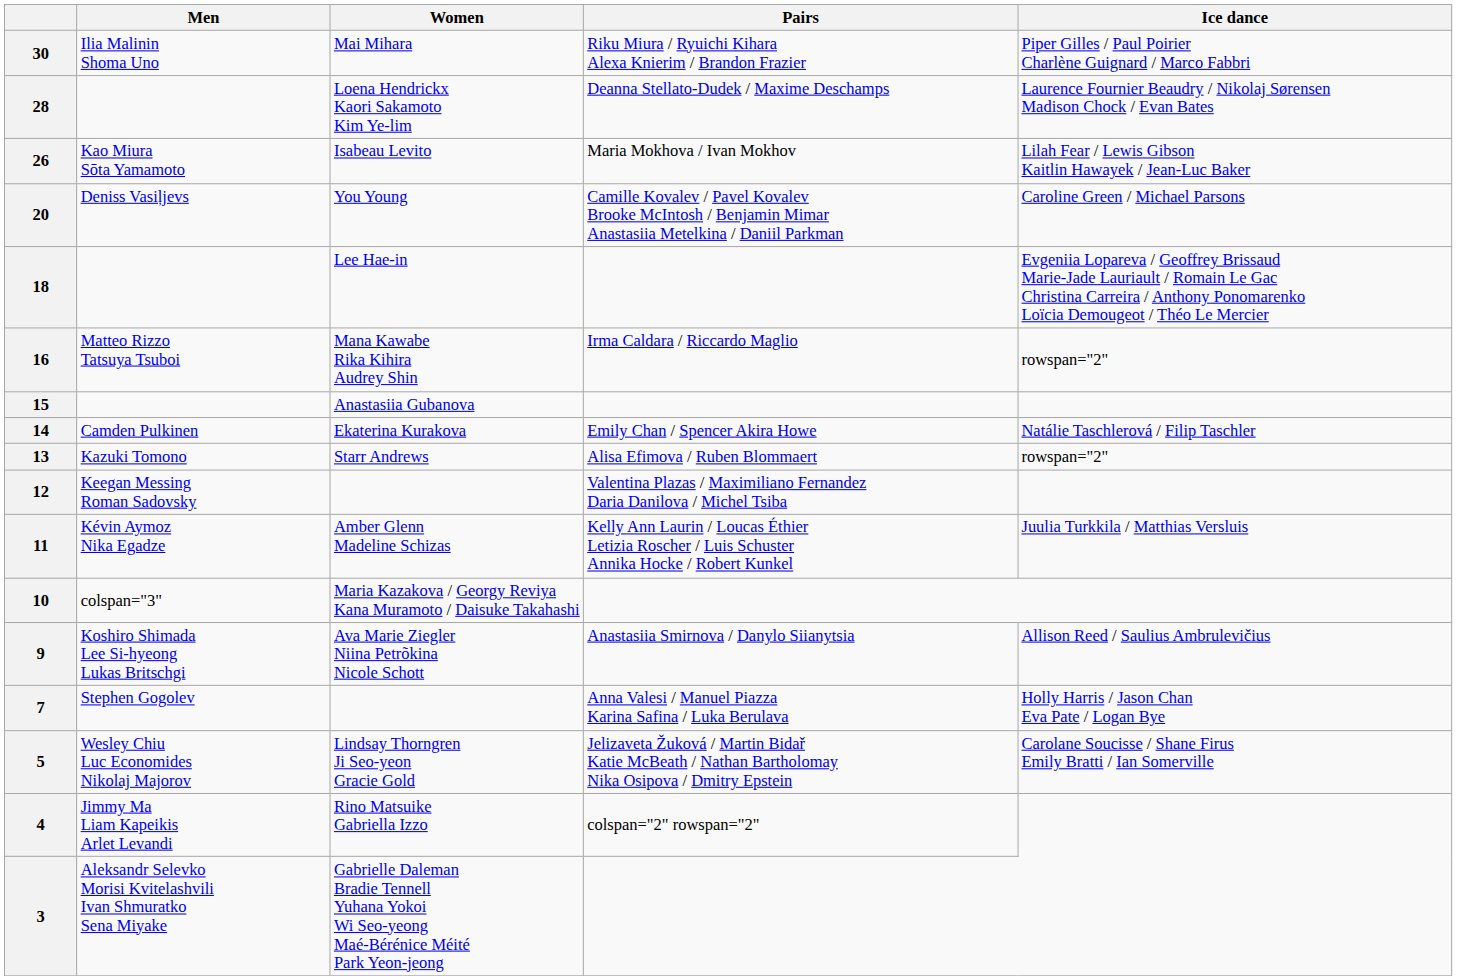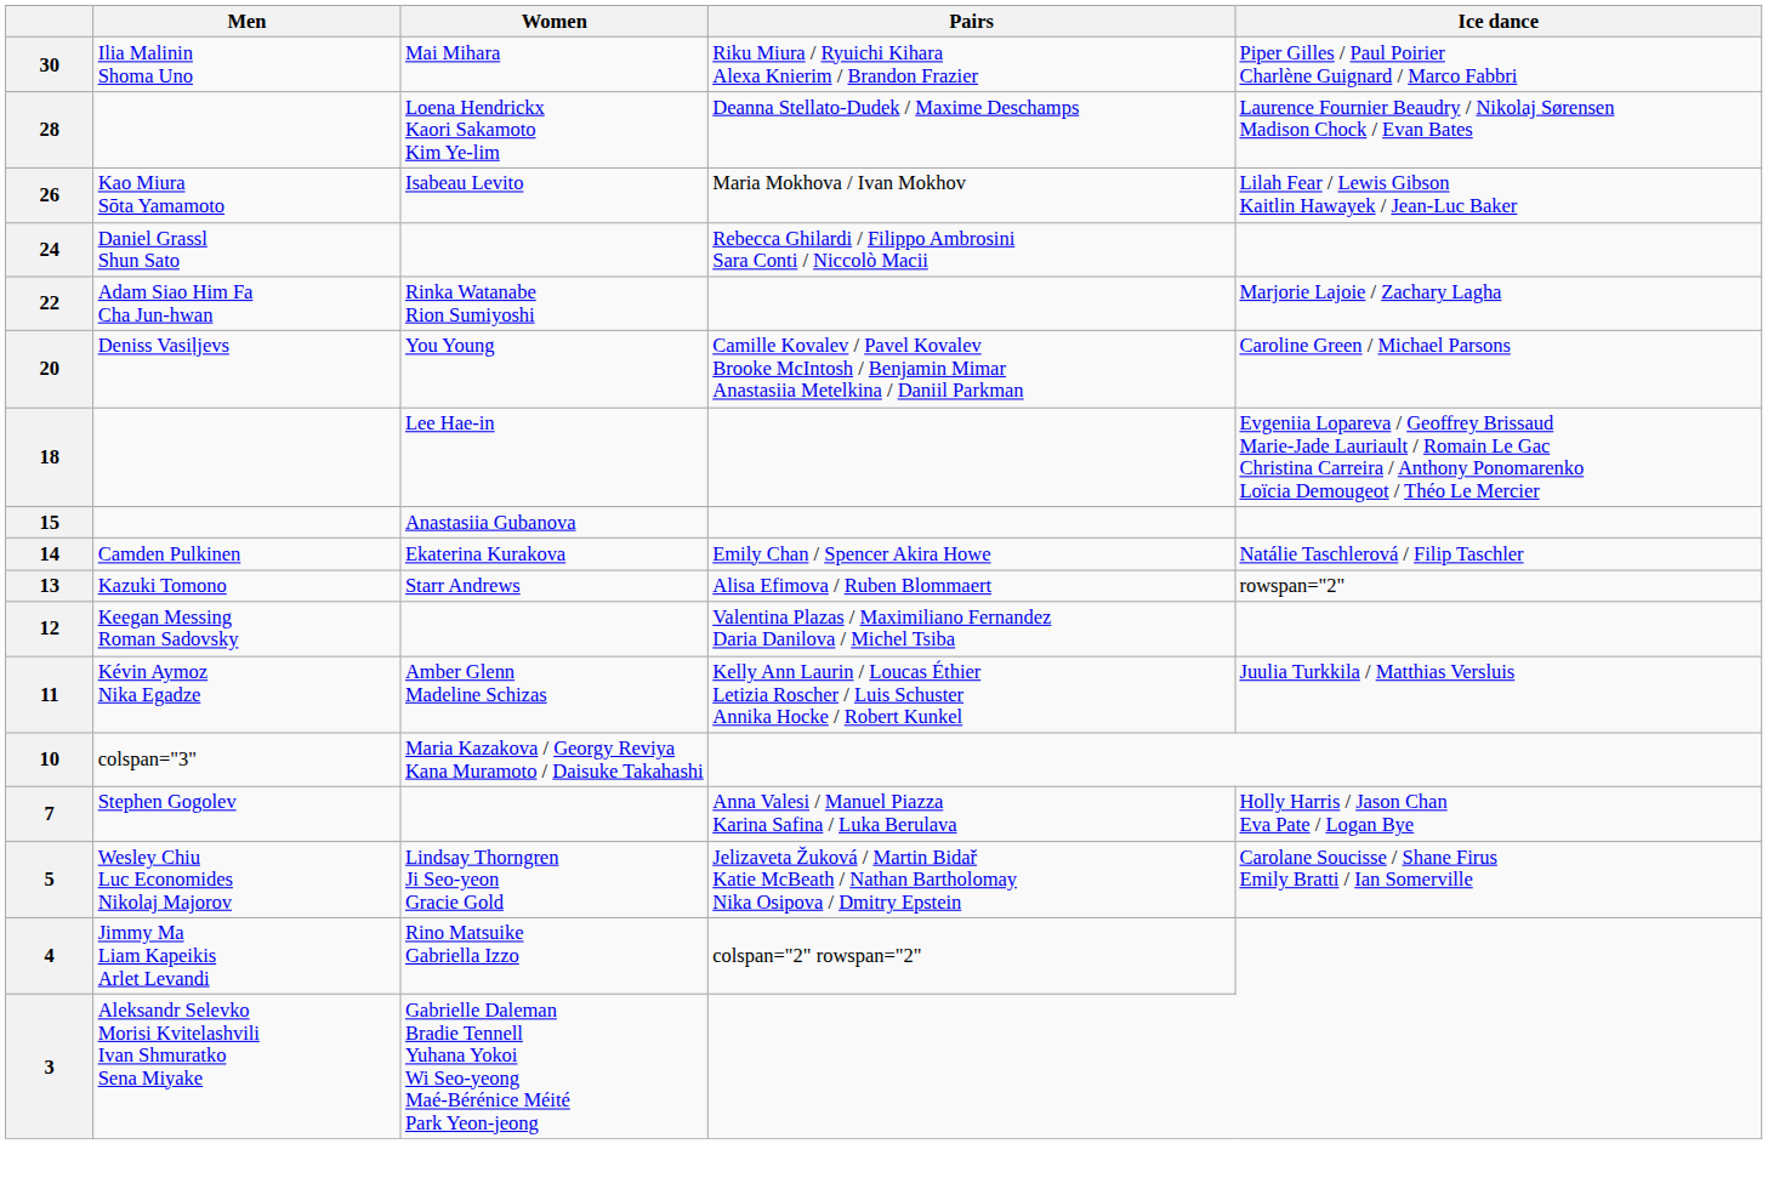 <table class="wikitable">
 <tr>
 <th scope="col" style="width:5%"></th>
 <th scope="col" style="width:17.5%">Men</th>
 <th scope="col" style="width:17.5%">Women</th>
 <th scope="col" style="width:30%">Pairs</th>
 <th scope="col" style="width:30%">Ice dance</th>
 </tr>
 <tr>
 <th scope="row">30</th>
 <td valign="top"> <a href='#'>Ilia Malinin</a><br> <a href='#'>Shoma Uno</a></td>
 <td valign="top"> <a href='#'>Mai Mihara</a></td>
 <td valign="top"> <a href='#'>Riku Miura</a> / <a href='#'>Ryuichi Kihara</a><br> <a href='#'>Alexa Knierim</a> / <a href='#'>Brandon Frazier</a></td>
 <td valign="top"> <a href='#'>Piper Gilles</a> / <a href='#'>Paul Poirier</a><br> <a href='#'>Charlène Guignard</a> / <a href='#'>Marco Fabbri</a></td>
 </tr>
 <tr>
 <th scope="row">28</th>
 <td></td>
 <td valign="top"> <a href='#'>Loena Hendrickx</a><br><a href='#'>Kaori Sakamoto</a><br> <a href='#'>Kim Ye-lim</a></td>
 <td valign="top"> <a href='#'>Deanna Stellato-Dudek</a> / <a href='#'>Maxime Deschamps</a></td>
 <td valign="top"> <a href='#'>Laurence Fournier Beaudry</a> / <a href='#'>Nikolaj Sørensen</a><br> <a href='#'>Madison Chock</a> / <a href='#'>Evan Bates</a></td>
 </tr>
 <tr>
 <th scope="row">26</th>
 <td valign="top"> <a href='#'>Kao Miura</a><br> <a href='#'>Sōta Yamamoto</a></td>
 <td valign="top"> <a href='#'>Isabeau Levito</a></td>
 <td valign="top"> Maria Mokhova / Ivan Mokhov</td>
 <td valign="top"> <a href='#'>Lilah Fear</a> / <a href='#'>Lewis Gibson</a><br> <a href='#'>Kaitlin Hawayek</a> / <a href='#'>Jean-Luc Baker</a></td>
 </tr>
 <tr>
+<th scope="row">24</th>
+<td valign="top"> <a href='#'>Daniel Grassl</a><br> <a href='#'>Shun Sato</a></td>
+<td></td>
+<td valign="top"> <a href='#'>Rebecca Ghilardi</a> / <a href='#'>Filippo Ambrosini</a><br> <a href='#'>Sara Conti</a> / <a href='#'>Niccolò Macii</a></td>
+<td></td>
+</tr>
+<tr>
+<th scope="row">22</th>
+<td valign="top"> <a href='#'>Adam Siao Him Fa</a><br> <a href='#'>Cha Jun-hwan</a></td>
+<td valign="top"> <a href='#'>Rinka Watanabe</a><br> <a href='#'>Rion Sumiyoshi</a></td>
+<td></td>
+<td valign="top"> <a href='#'>Marjorie Lajoie</a> / <a href='#'>Zachary Lagha</a></td>
+</tr>
+<tr>
 <th scope="row">20</th>
 <td valign="top"> <a href='#'>Deniss Vasiļjevs</a></td>
 <td valign="top"> <a href='#'>You Young</a></td>
 <td valign="top"> <a href='#'>Camille Kovalev</a> / <a href='#'>Pavel Kovalev</a><br> <a href='#'>Brooke McIntosh</a> / <a href='#'>Benjamin Mimar</a><br> <a href='#'>Anastasiia Metelkina</a> / <a href='#'>Daniil Parkman</a></td>
 <td valign="top"> <a href='#'>Caroline Green</a> / <a href='#'>Michael Parsons</a></td>
 </tr>
 <tr>
 <th scope="row">18</th>
 <td></td>
 <td valign="top"> <a href='#'>Lee Hae-in</a></td>
 <td></td>
 <td valign="top"> <a href='#'>Evgeniia Lopareva</a> / <a href='#'>Geoffrey Brissaud</a><br> <a href='#'>Marie-Jade Lauriault</a> / <a href='#'>Romain Le Gac</a><br> <a href='#'>Christina Carreira</a> / <a href='#'>Anthony Ponomarenko</a><br> <a href='#'>Loïcia Demougeot</a> / <a href='#'>Théo Le Mercier</a></td>
-</tr>
-<tr>
-<th scope="row">16</th>
-<td valign="top"> <a href='#'>Matteo Rizzo</a><br> <a href='#'>Tatsuya Tsuboi</a></td>
-<td valign="top"> <a href='#'>Mana Kawabe</a><br> <a href='#'>Rika Kihira</a> <br>  <a href='#'>Audrey Shin</a></td>
-<td valign="top"> <a href='#'>Irma Caldara</a> / <a href='#'>Riccardo Maglio</a></td>
-<td>rowspan="2" </td>
 </tr>
 <tr>
 <th scope="row">15</th>
 <td></td>
 <td valign="top"> <a href='#'>Anastasiia Gubanova</a></td>
 <td></td>
 </tr>
 <tr>
 <th scope="row">14</th>
 <td valign="top"> <a href='#'>Camden Pulkinen</a></td>
 <td valign="top"> <a href='#'>Ekaterina Kurakova</a></td>
 <td valign="top"> <a href='#'>Emily Chan</a> / <a href='#'>Spencer Akira Howe</a></td>
 <td valign="top"> <a href='#'>Natálie Taschlerová</a> / <a href='#'>Filip Taschler</a></td>
 </tr>
 <tr>
 <th scope="row">13</th>
 <td valign="top"> <a href='#'>Kazuki Tomono</a></td>
 <td valign="top"> <a href='#'>Starr Andrews</a></td>
 <td valign="top"> <a href='#'>Alisa Efimova</a> / <a href='#'>Ruben Blommaert</a></td>
 <td>rowspan="2" </td>
 </tr>
 <tr>
 <th scope="row">12</th>
 <td valign="top"> <a href='#'>Keegan Messing</a><br> <a href='#'>Roman Sadovsky</a></td>
 <td></td>
 <td valign="top"> <a href='#'>Valentina Plazas</a> / <a href='#'>Maximiliano Fernandez</a><br> <a href='#'>Daria Danilova</a> / <a href='#'>Michel Tsiba</a></td>
 </tr>
 <tr>
 <th scope="row">11</th>
 <td valign="top"> <a href='#'>Kévin Aymoz</a><br> <a href='#'>Nika Egadze</a></td>
 <td valign="top"> <a href='#'>Amber Glenn</a><br> <a href='#'>Madeline Schizas</a></td>
 <td valign="top"> <a href='#'>Kelly Ann Laurin</a> / <a href='#'>Loucas Éthier</a><br> <a href='#'>Letizia Roscher</a> / <a href='#'>Luis Schuster</a><br> <a href='#'>Annika Hocke</a> / <a href='#'>Robert Kunkel</a></td>
 <td valign="top"> <a href='#'>Juulia Turkkila</a> / <a href='#'>Matthias Versluis</a></td>
 </tr>
 <tr>
 <th scope="row">10</th>
 <td>colspan="3" </td>
 <td valign="top"> <a href='#'>Maria Kazakova</a> / <a href='#'>Georgy Reviya</a><br> <a href='#'>Kana Muramoto</a> / <a href='#'>Daisuke Takahashi</a></td>
 </tr>
 <tr>
-<th scope="row">9</th>
-<td valign="top"> <a href='#'>Koshiro Shimada</a><br> <a href='#'>Lee Si-hyeong</a><br> <a href='#'>Lukas Britschgi</a></td>
-<td valign="top"> <a href='#'>Ava Marie Ziegler</a><br> <a href='#'>Niina Petrõkina</a> <br>  <a href='#'>Nicole Schott</a></td>
-<td valign="top"> <a href='#'>Anastasiia Smirnova</a> / <a href='#'>Danylo Siianytsia</a></td>
-<td valign="top"> <a href='#'>Allison Reed</a> / <a href='#'>Saulius Ambrulevičius</a></td>
-</tr>
-<tr>
 <th scope="row">7</th>
 <td valign="top"> <a href='#'>Stephen Gogolev</a></td>
 <td></td>
 <td valign="top"> <a href='#'>Anna Valesi</a> / <a href='#'>Manuel Piazza</a><br> <a href='#'>Karina Safina</a> / <a href='#'>Luka Berulava</a></td>
 <td valign="top"> <a href='#'>Holly Harris</a> / <a href='#'>Jason Chan</a><br> <a href='#'>Eva Pate</a> / <a href='#'>Logan Bye</a></td>
 </tr>
 <tr>
 <th scope="row">5</th>
 <td valign="top"> <a href='#'>Wesley Chiu</a><br> <a href='#'>Luc Economides</a><br> <a href='#'>Nikolaj Majorov</a></td>
 <td valign="top"> <a href='#'>Lindsay Thorngren</a><br> <a href='#'>Ji Seo-yeon</a><br> <a href='#'>Gracie Gold</a></td>
 <td valign="top"> <a href='#'>Jelizaveta Žuková</a> / <a href='#'>Martin Bidař</a><br> <a href='#'>Katie McBeath</a> / <a href='#'>Nathan Bartholomay</a><br> <a href='#'>Nika Osipova</a> / <a href='#'>Dmitry Epstein</a></td>
 <td valign="top"> <a href='#'>Carolane Soucisse</a> / <a href='#'>Shane Firus</a><br> <a href='#'>Emily Bratti</a> / <a href='#'>Ian Somerville</a></td>
 </tr>
 <tr>
 <th scope="row">4</th>
 <td valign="top"> <a href='#'>Jimmy Ma</a><br> <a href='#'>Liam Kapeikis</a><br> <a href='#'>Arlet Levandi</a></td>
 <td valign="top"> <a href='#'>Rino Matsuike</a><br> <a href='#'>Gabriella Izzo</a></td>
 <td>colspan="2" rowspan="2" </td>
 </tr>
 <tr>
 <th scope="row">3</th>
 <td valign="top"> <a href='#'>Aleksandr Selevko</a><br> <a href='#'>Morisi Kvitelashvili</a><br> <a href='#'>Ivan Shmuratko</a><br> <a href='#'>Sena Miyake</a></td>
 <td valign="top"> <a href='#'>Gabrielle Daleman</a><br> <a href='#'>Bradie Tennell</a><br> <a href='#'>Yuhana Yokoi</a><br> <a href='#'>Wi Seo-yeong</a><br> <a href='#'>Maé-Bérénice Méité</a><br> <a href='#'>Park Yeon-jeong</a></td>
 </tr>
 </table>
